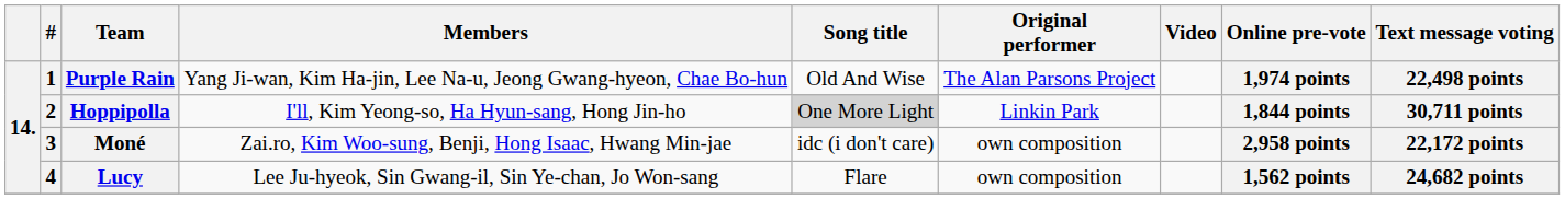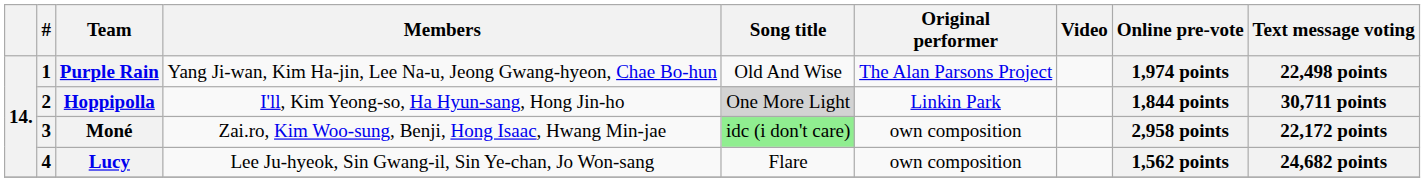 <table class="wikitable" style="text-align:center";>
 <tr>
 <th></th>
 <th>#</th>
 <th>Team</th>
 <th>Members</th>
 <th>Song title</th>
 <th>Original<br>performer</th>
 <th>Video</th>
 <th>Online pre-vote</th>
 <th>Text message voting</th>
 </tr>
 <tr align="center">
 <th rowspan="4">14.</th>
 <th rowspan="1">1</th>
 <th><a href='#'>Purple Rain</a></th>
 <td>Yang Ji-wan, Kim Ha-jin, Lee Na-u, Jeong Gwang-hyeon, <a href='#'>Chae Bo-hun</a></td>
 <td>Old And Wise</td>
 <td><a href='#'>The Alan Parsons Project</a></td>
 <td></td>
 <th>1,974 points</th>
 <th>22,498 points</th>
 </tr>
 <tr>
 <th rowspan="1">2</th>
 <th><a href='#'>Hoppipolla</a></th>
 <td><a href='#'>I'll</a>, Kim Yeong-so, <a href='#'>Ha Hyun-sang</a>, Hong Jin-ho</td>
 <td style="background: lightgrey;">One More Light</td>
 <td><a href='#'>Linkin Park</a></td>
 <td></td>
 <th>1,844 points</th>
 <th>30,711 points</th>
 </tr>
 <tr>
 <th rowspan="1">3</th>
 <th>Moné</th>
 <td>Zai.ro, <a href='#'>Kim Woo-sung</a>, Benji, <a href='#'>Hong Isaac</a>, Hwang Min-jae</td>
-<td>idc (i don't care)</td>
+<td style="background: lightgreen;">idc (i don't care)</td>
 <td>own composition</td>
 <td></td>
 <th>2,958 points</th>
 <th>22,172 points</th>
 </tr>
 <tr>
 <th rowspan="1">4</th>
 <th><a href='#'>Lucy</a></th>
 <td>Lee Ju-hyeok, Sin Gwang-il, Sin Ye-chan, Jo Won-sang</td>
 <td>Flare</td>
 <td>own composition</td>
 <td></td>
 <th>1,562 points</th>
 <th>24,682 points</th>
 </tr>
 <tr>
 </tr>
 </table>
